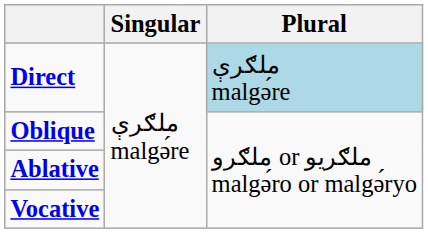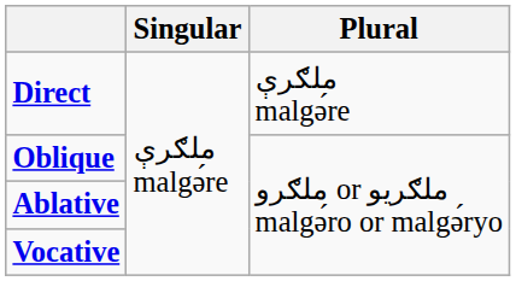 <table class="wikitable">
 <tr>
 <th></th>
 <th>Singular</th>
 <th>Plural</th>
 </tr>
 <tr>
 <td><strong><a href='#'>Direct</a></strong></td>
 <td rowspan="4">ملګرې<br>malgə́re</td>
-<td style="background: lightblue;">ملګرې<br>malgə́re</td>
+<td>ملګرې<br>malgə́re</td>
 </tr>
 <tr>
 <td><strong><a href='#'>Oblique</a></strong></td>
 <td rowspan="3">ملګرو or ملګریو<br>malgə́ro or malgə́ryo</td>
 </tr>
 <tr>
 <td><strong><a href='#'>Ablative</a></strong></td>
 </tr>
 <tr>
 <td><strong><a href='#'>Vocative</a></strong></td>
 </tr>
 </table>
